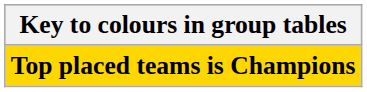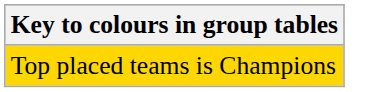 <table class="wikitable">
 <tr>
 <th>Key to colours in group tables</th>
 </tr>
 <tr bgcolor="gold">
-<td><strong>Top placed teams is Champions</strong></td>
+<td>Top placed teams is Champions</td>
 </tr>
 </table>
